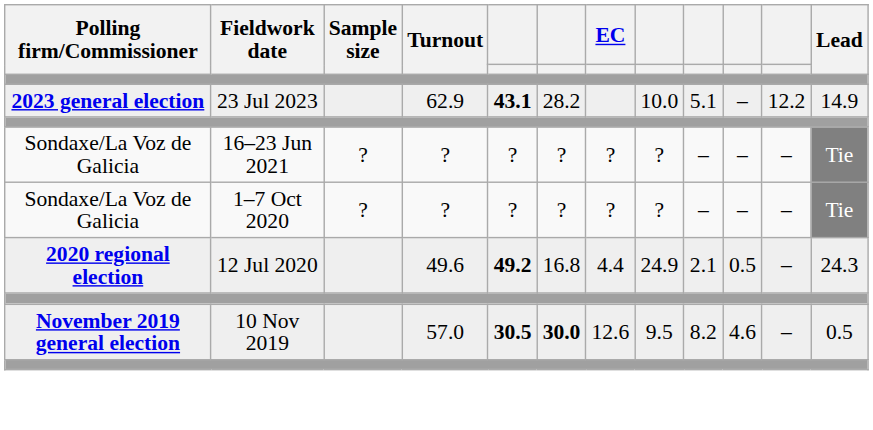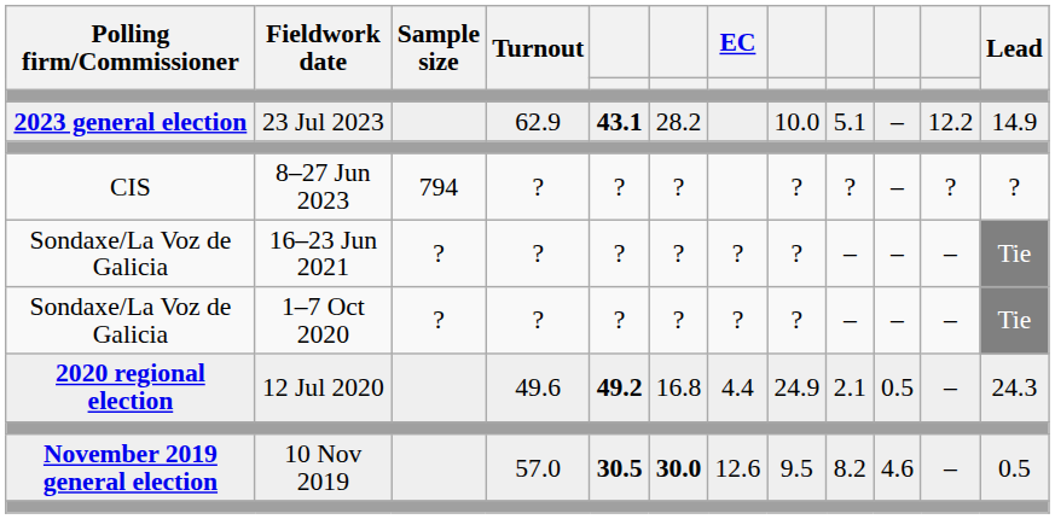 <table class="wikitable collapsible collapsed" style="text-align:center; font-size:95%; line-height:16px;">
 <tr style="height:42px;">
 <th style="width:250px;" rowspan="2">Polling firm/Commissioner</th>
 <th style="width:125px;" rowspan="2">Fieldwork date</th>
 <th style="width:50px;" rowspan="2">Sample size</th>
 <th style="width:45px;" rowspan="2">Turnout</th>
 <th style="width:35px;"></th>
 <th style="width:35px;"></th>
 <th style="width:35px;"><a href='#'>EC</a></th>
 <th style="width:35px;"></th>
 <th style="width:35px;"></th>
 <th style="width:35px;"></th>
 <th style="width:35px;"></th>
 <th style="width:30px;" rowspan="2">Lead</th>
 </tr>
 <tr>
 <th style="color:inherit;background:"></th>
 <th style="color:inherit;background:"></th>
 <th style="color:inherit;background:"></th>
 <th style="color:inherit;background:"></th>
 <th style="color:inherit;background:"></th>
 <th style="color:inherit;background:"></th>
 <th style="color:inherit;background:"></th>
 </tr>
 <tr>
 <td colspan="12" style="background:#A0A0A0"></td>
 </tr>
 <tr style="background:#EFEFEF;">
 <td><strong><a href='#'>2023 general election</a></strong></td>
 <td>23 Jul 2023</td>
 <td></td>
 <td>62.9</td>
 <td><strong>43.1</strong><br></td>
 <td>28.2<br></td>
 <td></td>
 <td>10.0<br></td>
 <td>5.1<br></td>
 <td>–</td>
 <td>12.2<br></td>
 <td style="background:">14.9</td>
 </tr>
 <tr>
 <td colspan="12" style="background:#A0A0A0"></td>
+</tr>
+<tr>
+<td>CIS</td>
+<td>8–27 Jun 2023</td>
+<td>794</td>
+<td>?</td>
+<td>?<br></td>
+<td>?<br></td>
+<td></td>
+<td>?<br></td>
+<td>?<br></td>
+<td>–</td>
+<td>?<br></td>
+<td style="background:">?</td>
 </tr>
 <tr>
 <td>Sondaxe/La Voz de Galicia</td>
 <td>16–23 Jun 2021</td>
 <td>?</td>
 <td>?</td>
 <td>?<br></td>
 <td>?<br></td>
 <td>?<br></td>
 <td>?<br></td>
 <td>–</td>
 <td>–</td>
 <td>–</td>
 <td style="background:gray; color:white;">Tie</td>
 </tr>
 <tr>
 <td>Sondaxe/La Voz de Galicia</td>
 <td>1–7 Oct 2020</td>
 <td>?</td>
 <td>?</td>
 <td>?<br></td>
 <td>?<br></td>
 <td>?<br></td>
 <td>?<br></td>
 <td>–</td>
 <td>–</td>
 <td>–</td>
 <td style="background:gray; color:white;">Tie</td>
 </tr>
 <tr style="background:#EFEFEF;">
 <td><strong><a href='#'>2020 regional election</a></strong></td>
 <td>12 Jul 2020</td>
 <td></td>
 <td>49.6</td>
 <td><strong>49.2</strong><br></td>
 <td>16.8<br></td>
 <td>4.4<br></td>
 <td>24.9<br></td>
 <td>2.1<br></td>
 <td>0.5<br></td>
 <td>–</td>
 <td style="background:">24.3</td>
 </tr>
 <tr>
 <td colspan="12" style="background:#A0A0A0"></td>
 </tr>
 <tr style="background:#EFEFEF;">
 <td><strong><a href='#'>November 2019 general election</a></strong></td>
 <td>10 Nov 2019</td>
 <td></td>
 <td>57.0</td>
 <td><strong>30.5</strong><br></td>
 <td><strong>30.0<br></strong></td>
 <td>12.6<br></td>
 <td>9.5<br></td>
 <td>8.2<br></td>
 <td>4.6<br></td>
 <td>–</td>
 <td style="background:">0.5</td>
 </tr>
 <tr>
 <td colspan="12" style="background:#A0A0A0"></td>
 </tr>
 </table>
